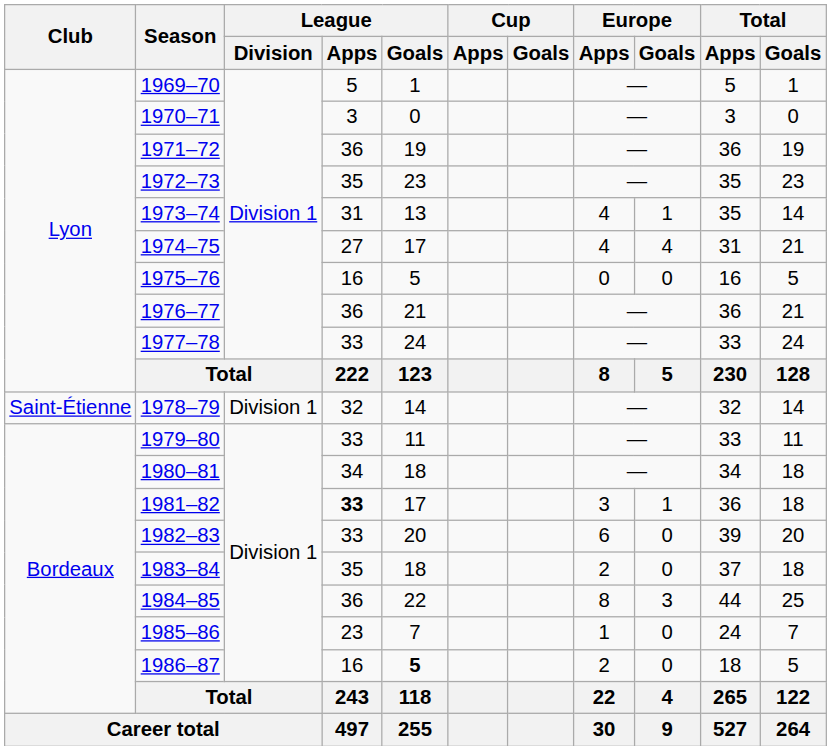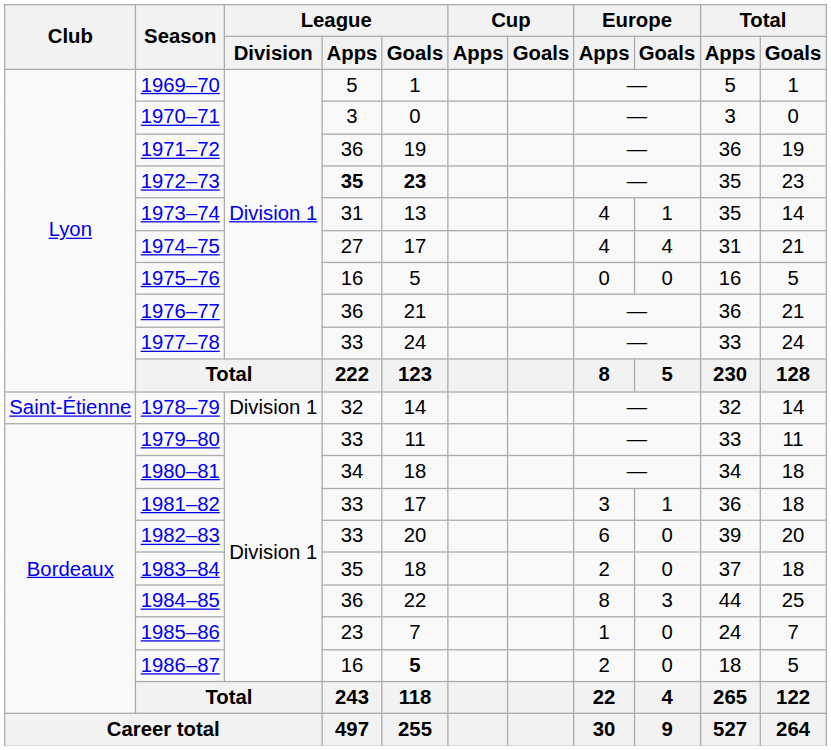 <table class=wikitable style=text-align:center>
 <tr>
 <th rowspan=2>Club</th>
 <th rowspan=2>Season</th>
 <th colspan=3>League</th>
 <th colspan=2>Cup</th>
 <th colspan=2>Europe</th>
 <th colspan=2>Total</th>
 </tr>
 <tr>
 <th>Division</th>
 <th>Apps</th>
 <th>Goals</th>
 <th>Apps</th>
 <th>Goals</th>
 <th>Apps</th>
 <th>Goals</th>
 <th>Apps</th>
 <th>Goals</th>
 </tr>
 <tr>
 <td rowspan=10><a href='#'>Lyon</a></td>
 <td><a href='#'>1969–70</a></td>
 <td rowspan=9><a href='#'>Division 1</a></td>
 <td>5</td>
 <td>1</td>
 <td></td>
 <td></td>
 <td colspan=2>—</td>
 <td>5</td>
 <td>1</td>
 </tr>
 <tr>
 <td><a href='#'>1970–71</a></td>
 <td>3</td>
 <td>0</td>
 <td></td>
 <td></td>
 <td colspan=2>—</td>
 <td>3</td>
 <td>0</td>
 </tr>
 <tr>
 <td><a href='#'>1971–72</a></td>
 <td>36</td>
 <td>19</td>
 <td></td>
 <td></td>
 <td colspan=2>—</td>
 <td>36</td>
 <td>19</td>
 </tr>
 <tr>
 <td><a href='#'>1972–73</a></td>
-<td>35</td>
-<td>23</td>
+<td><strong>35</strong></td>
+<td><strong>23</strong></td>
 <td></td>
 <td></td>
 <td colspan=2>—</td>
 <td>35</td>
 <td>23</td>
 </tr>
 <tr>
 <td><a href='#'>1973–74</a></td>
 <td>31</td>
 <td>13</td>
 <td></td>
 <td></td>
 <td>4</td>
 <td>1</td>
 <td>35</td>
 <td>14</td>
 </tr>
 <tr>
 <td><a href='#'>1974–75</a></td>
 <td>27</td>
 <td>17</td>
 <td></td>
 <td></td>
 <td>4</td>
 <td>4</td>
 <td>31</td>
 <td>21</td>
 </tr>
 <tr>
 <td><a href='#'>1975–76</a></td>
 <td>16</td>
 <td>5</td>
 <td></td>
 <td></td>
 <td>0</td>
 <td>0</td>
 <td>16</td>
 <td>5</td>
 </tr>
 <tr>
 <td><a href='#'>1976–77</a></td>
 <td>36</td>
 <td>21</td>
 <td></td>
 <td></td>
 <td colspan=2>—</td>
 <td>36</td>
 <td>21</td>
 </tr>
 <tr>
 <td><a href='#'>1977–78</a></td>
 <td>33</td>
 <td>24</td>
 <td></td>
 <td></td>
 <td colspan=2>—</td>
 <td>33</td>
 <td>24</td>
 </tr>
 <tr>
 <th colspan="2">Total</th>
 <th>222</th>
 <th>123</th>
 <th></th>
 <th></th>
 <th>8</th>
 <th>5</th>
 <th>230</th>
 <th>128</th>
 </tr>
 <tr>
 <td><a href='#'>Saint-Étienne</a></td>
 <td><a href='#'>1978–79</a></td>
 <td>Division 1</td>
 <td>32</td>
 <td>14</td>
 <td></td>
 <td></td>
 <td colspan=2>—</td>
 <td>32</td>
 <td>14</td>
 </tr>
 <tr>
 <td rowspan=9><a href='#'>Bordeaux</a></td>
 <td><a href='#'>1979–80</a></td>
 <td rowspan=8>Division 1</td>
 <td>33</td>
 <td>11</td>
 <td></td>
 <td></td>
 <td colspan=2>—</td>
 <td>33</td>
 <td>11</td>
 </tr>
 <tr>
 <td><a href='#'>1980–81</a></td>
 <td>34</td>
 <td>18</td>
 <td></td>
 <td></td>
 <td colspan=2>—</td>
 <td>34</td>
 <td>18</td>
 </tr>
 <tr>
 <td><a href='#'>1981–82</a></td>
-<td><strong>33</strong></td>
+<td>33</td>
 <td>17</td>
 <td></td>
 <td></td>
 <td>3</td>
 <td>1</td>
 <td>36</td>
 <td>18</td>
 </tr>
 <tr>
 <td><a href='#'>1982–83</a></td>
 <td>33</td>
 <td>20</td>
 <td></td>
 <td></td>
 <td>6</td>
 <td>0</td>
 <td>39</td>
 <td>20</td>
 </tr>
 <tr>
 <td><a href='#'>1983–84</a></td>
 <td>35</td>
 <td>18</td>
 <td></td>
 <td></td>
 <td>2</td>
 <td>0</td>
 <td>37</td>
 <td>18</td>
 </tr>
 <tr>
 <td><a href='#'>1984–85</a></td>
 <td>36</td>
 <td>22</td>
 <td></td>
 <td></td>
 <td>8</td>
 <td>3</td>
 <td>44</td>
 <td>25</td>
 </tr>
 <tr>
 <td><a href='#'>1985–86</a></td>
 <td>23</td>
 <td>7</td>
 <td></td>
 <td></td>
 <td>1</td>
 <td>0</td>
 <td>24</td>
 <td>7</td>
 </tr>
 <tr>
 <td><a href='#'>1986–87</a></td>
 <td>16</td>
 <td><strong>5</strong></td>
 <td></td>
 <td></td>
 <td>2</td>
 <td>0</td>
 <td>18</td>
 <td>5</td>
 </tr>
 <tr>
 <th colspan="2">Total</th>
 <th>243</th>
 <th>118</th>
 <th></th>
 <th></th>
 <th>22</th>
 <th>4</th>
 <th>265</th>
 <th>122</th>
 </tr>
 <tr>
 <th colspan=3>Career total</th>
 <th>497</th>
 <th>255</th>
 <th></th>
 <th></th>
 <th>30</th>
 <th>9</th>
 <th>527</th>
 <th>264</th>
 </tr>
 </table>
